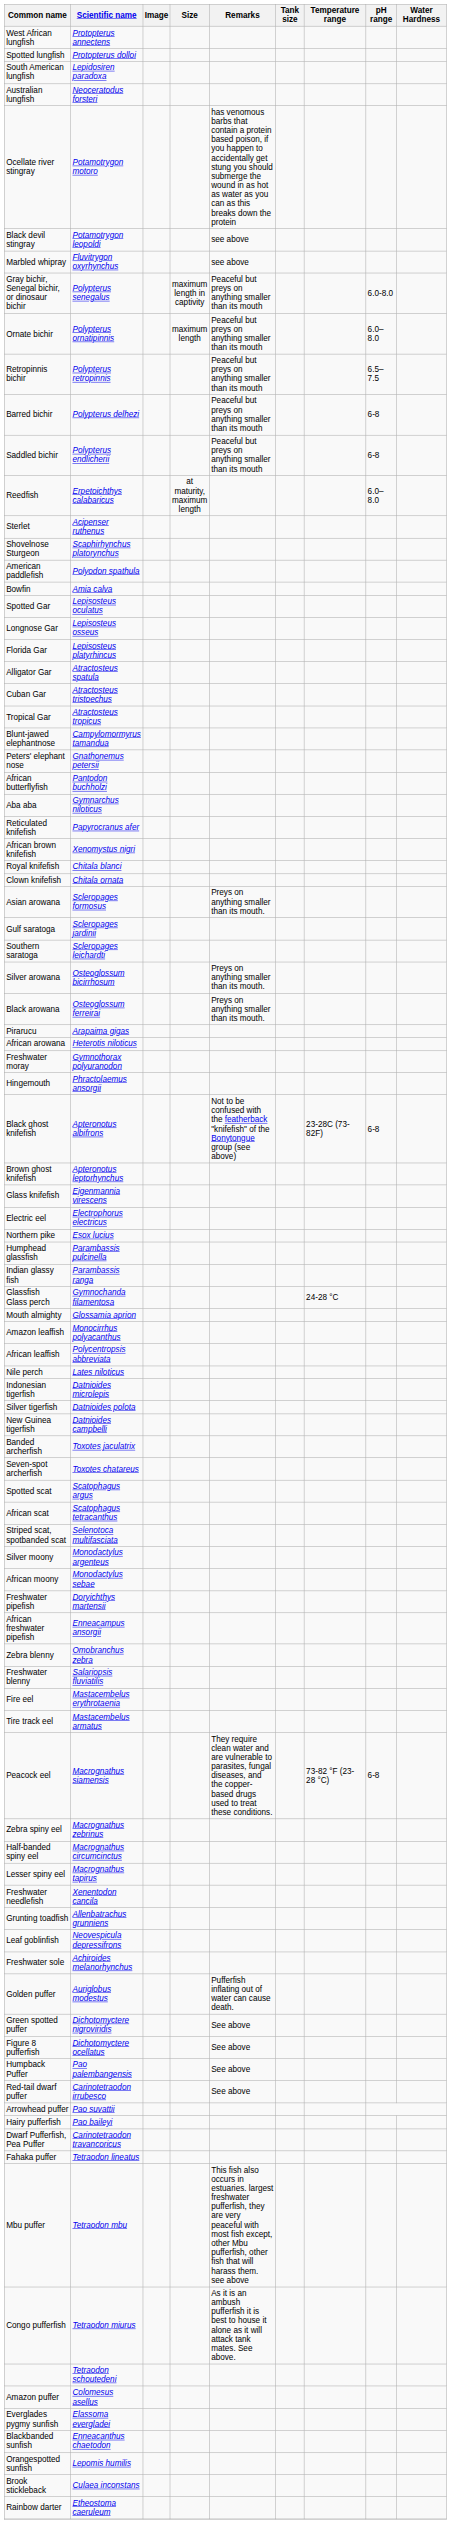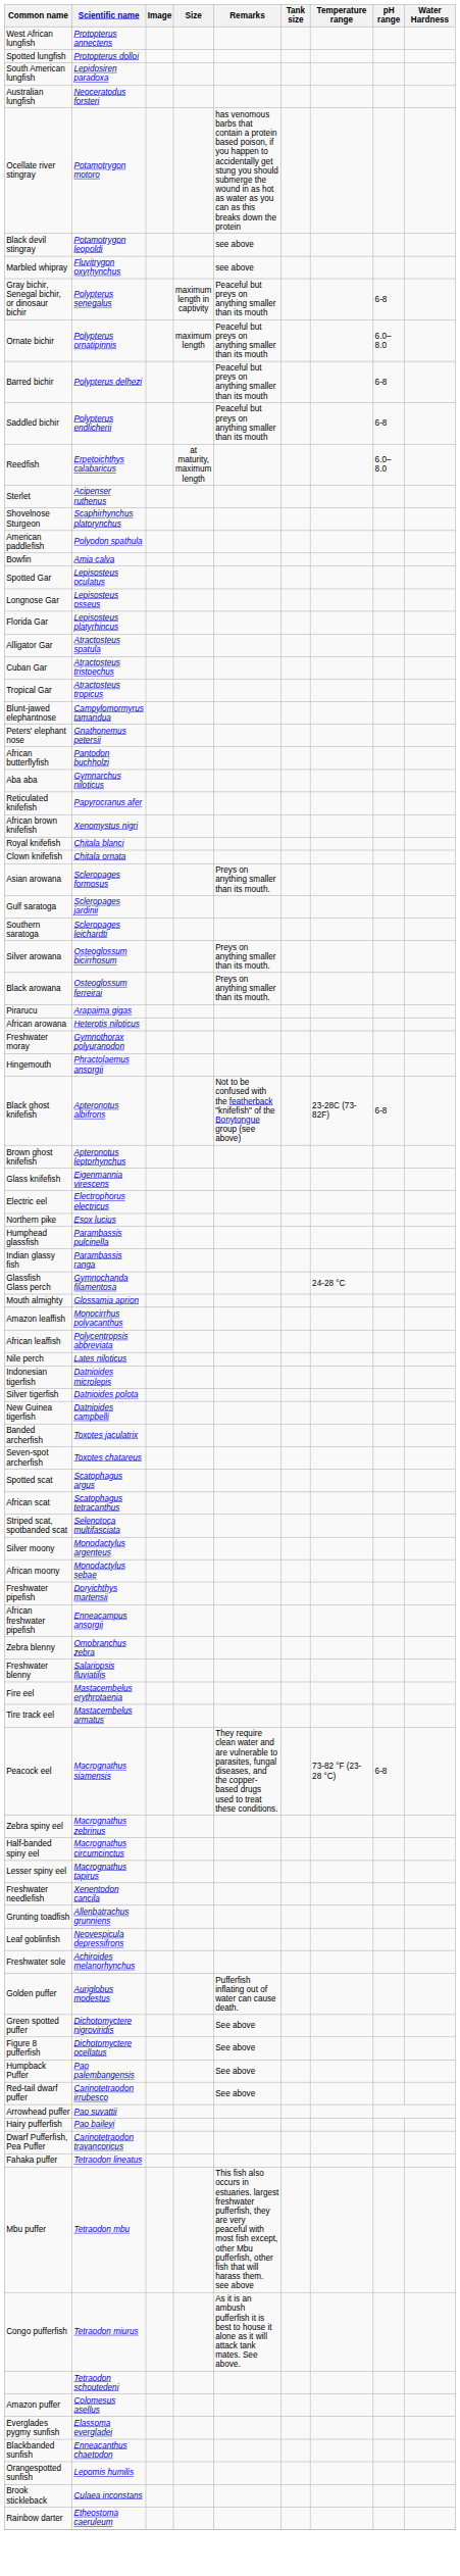 <table class="wikitable sortable">
 <tr>
 <th width="15%">Common name</th>
 <th width="15%"><a href='#'>Scientific name</a></th>
 <th width="1%">Image</th>
 <th width="5%">Size</th>
 <th width="15%">Remarks</th>
 <th>Tank size</th>
 <th class="unsortable">Temperature range</th>
 <th class="unsortable">pH range</th>
 <th>Water Hardness</th>
 </tr>
 <tr>
 <td>West African lungfish</td>
 <td><em><a href='#'>Protopterus annectens</a></em></td>
 <td align="center"></td>
 <td align="center"></td>
 <td></td>
 <td></td>
 <td></td>
 <td></td>
 <td></td>
 </tr>
 <tr>
 <td>Spotted lungfish</td>
 <td><em><a href='#'>Protopterus dolloi</a></em></td>
 <td align="center"></td>
 <td align="center"></td>
 <td></td>
 <td></td>
 <td></td>
 <td></td>
 <td></td>
 </tr>
 <tr>
 <td>South American lungfish</td>
 <td><em><a href='#'>Lepidosiren paradoxa</a></em></td>
 <td align="center"></td>
 <td align="center"></td>
 <td></td>
 <td></td>
 <td></td>
 <td></td>
 <td></td>
 </tr>
 <tr>
 <td>Australian lungfish</td>
 <td><em><a href='#'>Neoceratodus forsteri</a></em></td>
 <td align="center"></td>
 <td align="center"></td>
 <td></td>
 <td></td>
 <td></td>
 <td></td>
 <td></td>
 </tr>
 <tr>
 <td>Ocellate river stingray</td>
 <td><em><a href='#'>Potamotrygon motoro</a></em></td>
 <td align="center"></td>
 <td align="center"></td>
 <td>has venomous barbs that contain a protein based poison, if you happen to accidentally get stung you should submerge the wound in as hot as water as you can as this breaks down the protein</td>
 <td></td>
 <td></td>
 <td></td>
 <td></td>
 </tr>
 <tr>
 <td>Black devil stingray</td>
 <td><em><a href='#'>Potamotrygon leopoldi</a></em></td>
 <td align="center"></td>
 <td align="center"></td>
 <td>see above</td>
 <td></td>
 <td></td>
 <td></td>
 <td></td>
 </tr>
 <tr>
 <td>Marbled whipray</td>
 <td><em><a href='#'>Fluvitrygon oxyrhynchus</a></em></td>
 <td align="center"></td>
 <td align="center"></td>
 <td>see above</td>
 <td></td>
 <td></td>
 <td></td>
 <td></td>
 </tr>
 <tr>
 <td>Gray bichir, Senegal bichir, or dinosaur bichir</td>
 <td><em><a href='#'>Polypterus senegalus</a></em></td>
 <td align="center"></td>
 <td align="center"> maximum length in captivity</td>
 <td>Peaceful but preys on anything smaller than its mouth</td>
 <td></td>
 <td></td>
-<td>6.0-8.0</td>
+<td>6-8</td>
 <td></td>
 </tr>
 <tr>
 <td>Ornate bichir</td>
 <td><em><a href='#'>Polypterus ornatipinnis</a></em></td>
 <td align="center"></td>
 <td align="center"> maximum length</td>
 <td>Peaceful but preys on anything smaller than its mouth</td>
 <td></td>
 <td></td>
 <td>6.0–8.0</td>
-<td></td>
-</tr>
-<tr>
-<td>Retropinnis bichir</td>
-<td><em><a href='#'>Polypterus retropinnis</a></em></td>
-<td></td>
-<td align="center"></td>
-<td>Peaceful but preys on anything smaller than its mouth</td>
-<td></td>
-<td></td>
-<td>6.5–7.5</td>
 <td></td>
 </tr>
 <tr>
 <td>Barred bichir</td>
 <td><em><a href='#'>Polypterus delhezi</a></em></td>
 <td align="center"></td>
 <td align="center"></td>
 <td>Peaceful but preys on anything smaller than its mouth</td>
 <td></td>
 <td></td>
 <td>6-8</td>
 <td></td>
 </tr>
 <tr>
 <td>Saddled bichir</td>
 <td><em><a href='#'>Polypterus endlicherii</a></em></td>
 <td align="center"></td>
 <td align="center"></td>
 <td>Peaceful but preys on anything smaller than its mouth</td>
 <td></td>
 <td></td>
 <td>6-8</td>
 <td></td>
 </tr>
 <tr>
 <td>Reedfish</td>
 <td><em><a href='#'>Erpetoichthys calabaricus</a></em></td>
 <td align="center"></td>
 <td align="center"> at maturity,  maximum length</td>
 <td></td>
 <td></td>
 <td></td>
 <td>6.0–8.0</td>
 <td></td>
 </tr>
 <tr>
 <td>Sterlet</td>
 <td><em><a href='#'>Acipenser ruthenus</a></em></td>
 <td align="center"></td>
 <td align="center"></td>
 <td></td>
 <td></td>
 <td></td>
 <td></td>
 <td></td>
 </tr>
 <tr>
 <td>Shovelnose Sturgeon</td>
 <td><em><a href='#'>Scaphirhynchus platorynchus</a></em></td>
 <td align="center"></td>
 <td align="center"></td>
 <td></td>
 <td></td>
 <td></td>
 <td></td>
 <td></td>
 </tr>
 <tr>
 <td>American paddlefish</td>
 <td><em><a href='#'>Polyodon spathula</a></em></td>
 <td align="center"></td>
 <td align="center"></td>
 <td></td>
 <td></td>
 <td></td>
 <td></td>
 <td></td>
 </tr>
 <tr>
 <td>Bowfin</td>
 <td><em><a href='#'>Amia calva</a></em></td>
 <td align="center"></td>
 <td align="center"></td>
 <td></td>
 <td></td>
 <td></td>
 <td></td>
 <td></td>
 </tr>
 <tr>
 <td>Spotted Gar</td>
 <td><em><a href='#'>Lepisosteus oculatus</a></em></td>
 <td align="center"></td>
 <td align="center"></td>
 <td></td>
 <td></td>
 <td></td>
 <td></td>
 <td></td>
 </tr>
 <tr>
 <td>Longnose Gar</td>
 <td><em><a href='#'>Lepisosteus osseus</a></em></td>
 <td align="center"></td>
 <td align="center"></td>
 <td></td>
 <td></td>
 <td></td>
 <td></td>
 <td></td>
 </tr>
 <tr>
 <td>Florida Gar</td>
 <td><em><a href='#'>Lepisosteus platyrhincus</a></em></td>
 <td align="center"></td>
 <td align="center"></td>
 <td></td>
 <td></td>
 <td></td>
 <td></td>
 <td></td>
 </tr>
 <tr>
 <td>Alligator Gar</td>
 <td><em><a href='#'>Atractosteus spatula</a></em></td>
 <td align="center"></td>
 <td align="center"></td>
 <td></td>
 <td></td>
 <td></td>
 <td></td>
 <td></td>
 </tr>
 <tr>
 <td>Cuban Gar</td>
 <td><em><a href='#'>Atractosteus tristoechus</a></em></td>
 <td align="center"></td>
 <td align="center"></td>
 <td></td>
 <td></td>
 <td></td>
 <td></td>
 <td></td>
 </tr>
 <tr>
 <td>Tropical Gar</td>
 <td><em><a href='#'>Atractosteus tropicus</a></em></td>
 <td align="center"></td>
 <td align="center"></td>
 <td></td>
 <td></td>
 <td></td>
 <td></td>
 <td></td>
 </tr>
 <tr>
 <td>Blunt-jawed elephantnose</td>
 <td><em><a href='#'>Campylomormyrus tamandua</a></em></td>
 <td align="center"></td>
 <td align="center"></td>
 <td></td>
 <td></td>
 <td></td>
 <td></td>
 <td></td>
 </tr>
 <tr>
 <td>Peters' elephant nose</td>
 <td><em><a href='#'>Gnathonemus petersii</a></em></td>
 <td align="center"></td>
 <td align="center"></td>
 <td></td>
 <td></td>
 <td></td>
 <td></td>
 <td></td>
 </tr>
 <tr>
 <td>African butterflyfish</td>
 <td><em><a href='#'>Pantodon buchholzi</a></em></td>
 <td align="center"></td>
 <td align="center"></td>
 <td></td>
 <td></td>
 <td></td>
 <td></td>
 <td></td>
 </tr>
 <tr>
 <td>Aba aba</td>
 <td><em><a href='#'>Gymnarchus niloticus</a></em></td>
 <td align="center"></td>
 <td align="center"></td>
 <td></td>
 <td></td>
 <td></td>
 <td></td>
 <td></td>
 </tr>
 <tr>
 <td>Reticulated knifefish</td>
 <td><em><a href='#'>Papyrocranus afer</a></em></td>
 <td align="center"></td>
 <td align="center"></td>
 <td></td>
 <td></td>
 <td></td>
 <td></td>
 <td></td>
 </tr>
 <tr>
 <td>African brown knifefish</td>
 <td><em><a href='#'>Xenomystus nigri</a></em></td>
 <td align="center"></td>
 <td align="center"></td>
 <td></td>
 <td></td>
 <td></td>
 <td></td>
 <td></td>
 </tr>
 <tr>
 <td>Royal knifefish</td>
 <td><em><a href='#'>Chitala blanci</a></em></td>
 <td align="center"></td>
 <td align="center"></td>
 <td></td>
 <td></td>
 <td></td>
 <td></td>
 <td></td>
 </tr>
 <tr>
 <td>Clown knifefish</td>
 <td><em><a href='#'>Chitala ornata</a></em></td>
 <td align="center"></td>
 <td align="center"></td>
 <td></td>
 <td></td>
 <td></td>
 <td></td>
 <td></td>
 </tr>
 <tr>
 <td>Asian arowana</td>
 <td><em><a href='#'>Scleropages formosus</a></em></td>
 <td align="center"></td>
 <td align="center"></td>
 <td>Preys on anything smaller than its mouth.</td>
 <td></td>
 <td></td>
 <td></td>
 <td></td>
 </tr>
 <tr>
 <td>Gulf saratoga</td>
 <td><em><a href='#'>Scleropages jardinii</a></em></td>
 <td align="center"></td>
 <td align="center"></td>
 <td></td>
 <td></td>
 <td></td>
 <td></td>
 <td></td>
 </tr>
 <tr>
 <td>Southern saratoga</td>
 <td><em><a href='#'>Scleropages leichardti</a></em></td>
 <td align="center"></td>
 <td align="center"></td>
 <td></td>
 <td></td>
 <td></td>
 <td></td>
 <td></td>
 </tr>
 <tr>
 <td>Silver arowana</td>
 <td><em><a href='#'>Osteoglossum bicirrhosum</a></em></td>
 <td align="center"></td>
 <td align="center"></td>
 <td>Preys on anything smaller than its mouth.</td>
 <td></td>
 <td></td>
 <td></td>
 <td></td>
 </tr>
 <tr>
 <td>Black arowana</td>
 <td><em><a href='#'>Osteoglossum ferreirai</a></em></td>
 <td align="center"></td>
 <td align="center"></td>
 <td>Preys on anything smaller than its mouth.</td>
 <td></td>
 <td></td>
 <td></td>
 <td></td>
 </tr>
 <tr>
 <td>Pirarucu</td>
 <td><em><a href='#'>Arapaima gigas</a></em></td>
 <td align="center"></td>
 <td align="center"></td>
 <td></td>
 <td></td>
 <td></td>
 <td></td>
 <td></td>
 </tr>
 <tr>
 <td>African arowana</td>
 <td><em><a href='#'>Heterotis niloticus</a></em></td>
 <td align="center"></td>
 <td align="center"></td>
 <td></td>
 <td></td>
 <td></td>
 <td></td>
 <td></td>
 </tr>
 <tr>
 <td>Freshwater moray</td>
 <td><em><a href='#'>Gymnothorax polyuranodon</a></em></td>
 <td align="center"></td>
 <td align="center"></td>
 <td></td>
 <td></td>
 <td></td>
 <td></td>
 <td></td>
 </tr>
 <tr>
 <td>Hingemouth</td>
 <td><em><a href='#'>Phractolaemus ansorgii</a></em></td>
 <td align="center"></td>
 <td align="center"></td>
 <td></td>
 <td></td>
 <td></td>
 <td></td>
 <td></td>
 </tr>
 <tr>
 <td>Black ghost knifefish</td>
 <td><em><a href='#'>Apteronotus albifrons</a></em></td>
 <td align="center"></td>
 <td align="center"></td>
 <td>Not to be confused with the <a href='#'>featherback</a> "knifefish" of the <a href='#'>Bonytongue</a> group (see above)</td>
 <td></td>
 <td>23-28C (73-82F)</td>
 <td>6-8</td>
 <td></td>
 </tr>
 <tr>
 <td>Brown ghost knifefish</td>
 <td><em><a href='#'>Apteronotus leptorhynchus</a></em></td>
 <td></td>
 <td align="center"></td>
 <td></td>
 <td></td>
 <td></td>
 <td></td>
 <td></td>
 </tr>
 <tr>
 <td>Glass knifefish</td>
 <td><em><a href='#'>Eigenmannia virescens</a></em></td>
 <td align="center"></td>
 <td align="center"></td>
 <td></td>
 <td></td>
 <td></td>
 <td></td>
 <td></td>
 </tr>
 <tr>
 <td>Electric eel</td>
 <td><em><a href='#'>Electrophorus electricus</a></em></td>
 <td align="center"></td>
 <td align="center"></td>
 <td></td>
 <td></td>
 <td></td>
 <td></td>
 <td></td>
 </tr>
 <tr>
 <td>Northern pike</td>
 <td><em><a href='#'>Esox lucius</a></em></td>
 <td align="center"></td>
 <td align="center"></td>
 <td></td>
 <td></td>
 <td></td>
 <td></td>
 <td></td>
 </tr>
 <tr>
 <td>Humphead glassfish</td>
 <td><em><a href='#'>Parambassis pulcinella</a></em></td>
 <td align="center"></td>
 <td align="center"></td>
 <td></td>
 <td></td>
 <td></td>
 <td></td>
 <td></td>
 </tr>
 <tr>
 <td>Indian glassy fish</td>
 <td><em><a href='#'>Parambassis ranga</a></em></td>
 <td align="center"></td>
 <td align="center"></td>
 <td></td>
 <td></td>
 <td></td>
 <td></td>
 <td></td>
 </tr>
 <tr>
 <td>Glassfish<br>Glass perch</td>
 <td><em><a href='#'>Gymnochanda filamentosa</a></em></td>
 <td align="center"></td>
 <td align="center"></td>
 <td></td>
 <td></td>
 <td>24-28 °C</td>
 <td></td>
 <td></td>
 </tr>
 <tr>
 <td>Mouth almighty</td>
 <td><em><a href='#'>Glossamia aprion</a></em></td>
 <td align="center"></td>
 <td align="center"></td>
 <td></td>
 <td></td>
 <td></td>
 <td></td>
 <td></td>
 </tr>
 <tr>
 <td>Amazon leaffish</td>
 <td><em><a href='#'>Monocirrhus polyacanthus</a></em></td>
 <td align="center"></td>
 <td align="center"></td>
 <td></td>
 <td></td>
 <td></td>
 <td></td>
 <td></td>
 </tr>
 <tr>
 <td>African leaffish</td>
 <td><em><a href='#'>Polycentropsis abbreviata</a></em></td>
 <td align="center"></td>
 <td align="center"></td>
 <td></td>
 <td></td>
 <td></td>
 <td></td>
 <td></td>
 </tr>
 <tr>
 <td>Nile perch</td>
 <td><em><a href='#'>Lates niloticus</a></em></td>
 <td align="center"></td>
 <td align="center"></td>
 <td></td>
 <td></td>
 <td></td>
 <td></td>
 <td></td>
 </tr>
 <tr>
 <td>Indonesian tigerfish</td>
 <td><em><a href='#'>Datnioides microlepis</a></em></td>
 <td align="center"></td>
 <td align="center"></td>
 <td></td>
 <td></td>
 <td></td>
 <td></td>
 <td></td>
 </tr>
 <tr>
 <td>Silver tigerfish</td>
 <td><em><a href='#'>Datnioides polota</a></em></td>
 <td align="center"></td>
 <td align="center"></td>
 <td></td>
 <td></td>
 <td></td>
 <td></td>
 <td></td>
 </tr>
 <tr>
 <td>New Guinea tigerfish</td>
 <td><em><a href='#'>Datnioides campbelli</a></em></td>
 <td align="center"></td>
 <td align="center"></td>
 <td></td>
 <td></td>
 <td></td>
 <td></td>
 <td></td>
 </tr>
 <tr>
 <td>Banded archerfish</td>
 <td><em><a href='#'>Toxotes jaculatrix</a></em></td>
 <td align="center"></td>
 <td align="center"></td>
 <td></td>
 <td></td>
 <td></td>
 <td></td>
 <td></td>
 </tr>
 <tr>
 <td>Seven-spot archerfish</td>
 <td><em><a href='#'>Toxotes chatareus</a></em></td>
 <td align="center"></td>
 <td align="center"></td>
 <td></td>
 <td></td>
 <td></td>
 <td></td>
 <td></td>
 </tr>
 <tr>
 <td>Spotted scat</td>
 <td><em><a href='#'>Scatophagus argus</a></em></td>
 <td align="center"></td>
 <td align="center"></td>
 <td></td>
 <td></td>
 <td></td>
 <td></td>
 <td></td>
 </tr>
 <tr>
 <td>African scat</td>
 <td><em><a href='#'>Scatophagus tetracanthus</a></em></td>
 <td align="center"></td>
 <td align="center"></td>
 <td></td>
 <td></td>
 <td></td>
 <td></td>
 <td></td>
 </tr>
 <tr>
 <td>Striped scat, spotbanded scat</td>
 <td><em><a href='#'>Selenotoca multifasciata</a></em></td>
 <td align="center"></td>
 <td align="center"></td>
 <td></td>
 <td></td>
 <td></td>
 <td></td>
 <td></td>
 </tr>
 <tr>
 <td>Silver moony</td>
 <td><em><a href='#'>Monodactylus argenteus</a></em></td>
 <td align="center"></td>
 <td align="center"></td>
 <td></td>
 <td></td>
 <td></td>
 <td></td>
 <td></td>
 </tr>
 <tr>
 <td>African moony</td>
 <td><em><a href='#'>Monodactylus sebae</a></em></td>
 <td align="center"></td>
 <td align="center"></td>
 <td></td>
 <td></td>
 <td></td>
 <td></td>
 <td></td>
 </tr>
 <tr>
 <td>Freshwater pipefish</td>
 <td><em><a href='#'>Doryichthys martensii</a></em></td>
 <td align="center"></td>
 <td align="center"></td>
 <td></td>
 <td></td>
 <td></td>
 <td></td>
 <td></td>
 </tr>
 <tr>
 <td>African freshwater pipefish</td>
 <td><em><a href='#'>Enneacampus ansorgii</a></em></td>
 <td align="center"></td>
 <td align="center"></td>
 <td></td>
 <td></td>
 <td></td>
 <td></td>
 <td></td>
 </tr>
 <tr>
 <td>Zebra blenny</td>
 <td><em><a href='#'>Omobranchus zebra</a></em></td>
 <td align="center"></td>
 <td align="center"></td>
 <td></td>
 <td></td>
 <td></td>
 <td></td>
 <td></td>
 </tr>
 <tr>
 <td>Freshwater blenny</td>
 <td><em><a href='#'>Salariopsis fluviatilis</a></em></td>
 <td align="center"></td>
 <td align="center"></td>
 <td></td>
 <td></td>
 <td></td>
 <td></td>
 <td></td>
 </tr>
 <tr>
 <td>Fire eel</td>
 <td><em><a href='#'>Mastacembelus erythrotaenia</a></em></td>
 <td align="center"></td>
 <td align="center"></td>
 <td></td>
 <td></td>
 <td></td>
 <td></td>
 <td></td>
 </tr>
 <tr>
 <td>Tire track eel</td>
 <td><em><a href='#'>Mastacembelus armatus</a></em></td>
 <td align="center"></td>
 <td align="center"></td>
 <td></td>
 <td></td>
 <td></td>
 <td></td>
 <td></td>
 </tr>
 <tr>
 <td>Peacock eel</td>
 <td><em><a href='#'>Macrognathus siamensis</a></em></td>
 <td align="center"></td>
 <td align="center"></td>
 <td>They require clean water and are vulnerable to parasites, fungal diseases, and the copper-based drugs used to treat these conditions.</td>
 <td></td>
 <td>73-82 °F (23-28 °C)</td>
 <td>6-8</td>
 <td></td>
 </tr>
 <tr>
 <td>Zebra spiny eel</td>
 <td><em><a href='#'>Macrognathus zebrinus</a></em></td>
 <td></td>
 <td align="center"></td>
 <td></td>
 <td></td>
 <td></td>
 <td></td>
 <td></td>
 </tr>
 <tr>
 <td>Half-banded spiny eel</td>
 <td><em><a href='#'>Macrognathus circumcinctus</a></em></td>
 <td></td>
 <td align="center"></td>
 <td></td>
 <td></td>
 <td></td>
 <td></td>
 <td></td>
 </tr>
 <tr>
 <td>Lesser spiny eel</td>
 <td><em><a href='#'>Macrognathus tapirus</a></em></td>
 <td align="center"></td>
 <td align="center"></td>
 <td></td>
 <td></td>
 <td></td>
 <td></td>
 <td></td>
 </tr>
 <tr>
 <td>Freshwater needlefish</td>
 <td><em><a href='#'>Xenentodon cancila</a></em></td>
 <td align="center"></td>
 <td align="center"></td>
 <td></td>
 <td></td>
 <td></td>
 <td></td>
 <td></td>
 </tr>
 <tr>
 <td>Grunting toadfish</td>
 <td><em><a href='#'>Allenbatrachus grunniens</a></em></td>
 <td align="center"></td>
 <td align="center"></td>
 <td></td>
 <td></td>
 <td></td>
 <td></td>
 <td></td>
 </tr>
 <tr>
 <td>Leaf goblinfish</td>
 <td><em><a href='#'>Neovespicula depressifrons</a></em></td>
 <td align="center"></td>
 <td align="center"></td>
 <td></td>
 <td></td>
 <td></td>
 <td></td>
 <td></td>
 </tr>
 <tr>
 <td>Freshwater sole</td>
 <td><em><a href='#'>Achiroides melanorhynchus</a></em></td>
 <td align="center"></td>
 <td align="center"></td>
 <td></td>
 <td></td>
 <td></td>
 <td></td>
 <td></td>
 </tr>
 <tr>
 <td>Golden puffer</td>
 <td><em><a href='#'>Auriglobus modestus</a></em></td>
 <td></td>
 <td align="center"></td>
 <td>Pufferfish inflating out of water can cause death.</td>
 <td></td>
 <td></td>
 <td></td>
 <td></td>
 </tr>
 <tr>
 <td>Green spotted puffer</td>
 <td><em><a href='#'>Dichotomyctere nigroviridis</a></em></td>
 <td align="center"></td>
 <td align="center"></td>
 <td>See above</td>
 <td></td>
 <td></td>
 <td></td>
 <td></td>
 </tr>
 <tr>
 <td>Figure 8 pufferfish</td>
 <td><em><a href='#'>Dichotomyctere ocellatus</a></em></td>
 <td align="center"></td>
 <td align="center"></td>
 <td>See above</td>
 <td></td>
 <td></td>
 <td></td>
 <td></td>
 </tr>
 <tr>
 <td>Humpback Puffer</td>
 <td><em><a href='#'>Pao palembangensis</a></em></td>
 <td></td>
 <td align="center"></td>
 <td>See above</td>
 <td></td>
 <td></td>
 <td></td>
 <td></td>
 </tr>
 <tr>
 <td>Red-tail dwarf puffer</td>
 <td><em><a href='#'>Carinotetraodon irrubesco</a></em></td>
 <td align="center"></td>
 <td align="center"></td>
 <td>See above</td>
 <td></td>
 <td></td>
 <td></td>
 <td></td>
 </tr>
 <tr>
 <td>Arrowhead puffer</td>
 <td><em><a href='#'>Pao suvattii</a></em></td>
 <td align="center"></td>
 <td align="center"></td>
 <td></td>
 <td></td>
 <td></td>
 </tr>
 <tr>
 <td>Hairy pufferfish</td>
 <td><em><a href='#'>Pao baileyi</a></em></td>
 <td align="center"></td>
 <td align="center"></td>
 <td></td>
 <td></td>
 <td></td>
 <td></td>
 <td></td>
 </tr>
 <tr>
 <td>Dwarf Pufferfish, Pea Puffer</td>
 <td><em><a href='#'>Carinotetraodon travancoricus</a></em></td>
 <td align="center"></td>
 <td align="center"></td>
 <td></td>
 <td></td>
 <td></td>
 <td></td>
 <td></td>
 </tr>
 <tr>
 <td>Fahaka puffer</td>
 <td><em><a href='#'>Tetraodon lineatus</a></em></td>
 <td align="center"></td>
 <td align="center"></td>
 <td></td>
 <td></td>
 <td></td>
 <td></td>
 <td></td>
 </tr>
 <tr>
 <td>Mbu puffer</td>
 <td><em><a href='#'>Tetraodon mbu</a></em></td>
 <td align="center"></td>
 <td align="center"></td>
 <td>This fish also occurs in estuaries. largest freshwater pufferfish, they are very peaceful with most fish except, other Mbu pufferfish,  other fish that will harass them. see above</td>
 <td></td>
 <td></td>
 <td></td>
 <td></td>
 </tr>
 <tr>
 <td>Congo pufferfish</td>
 <td><em><a href='#'>Tetraodon miurus</a></em></td>
 <td align="center"></td>
 <td align="center"></td>
 <td>As it is an ambush pufferfish it is best to house it alone as it will attack tank mates. See above.</td>
 <td></td>
 <td></td>
 <td></td>
 <td></td>
 </tr>
 <tr>
 <td></td>
 <td><em><a href='#'>Tetraodon schoutedeni</a></em></td>
 <td align="center"></td>
 <td align="center"></td>
 <td></td>
 <td></td>
 <td></td>
 <td></td>
 <td></td>
 </tr>
 <tr>
 <td>Amazon puffer</td>
 <td><em><a href='#'>Colomesus asellus</a></em></td>
 <td align="center"></td>
 <td align="center"></td>
 <td></td>
 <td></td>
 <td></td>
 <td></td>
 <td></td>
 </tr>
 <tr>
 <td>Everglades pygmy sunfish</td>
 <td><em><a href='#'>Elassoma evergladei</a></em></td>
 <td align="center"></td>
 <td align="center"></td>
 <td></td>
 <td></td>
 <td align="center"></td>
 <td></td>
 <td></td>
 </tr>
 <tr>
 <td>Blackbanded sunfish</td>
 <td><em><a href='#'>Enneacanthus chaetodon</a></em></td>
 <td align="center"></td>
 <td align="center"></td>
 <td></td>
 <td></td>
 <td align="center"></td>
 <td></td>
 <td></td>
 </tr>
 <tr>
 <td>Orangespotted sunfish</td>
 <td><em><a href='#'>Lepomis humilis</a></em></td>
 <td align="center"></td>
 <td align="center"></td>
 <td></td>
 <td></td>
 <td align="center"></td>
 <td></td>
 <td></td>
 </tr>
 <tr>
 <td>Brook stickleback</td>
 <td><em><a href='#'>Culaea inconstans</a></em></td>
 <td align="center"></td>
 <td align="center"></td>
 <td></td>
 <td></td>
 <td align="center"></td>
 <td></td>
 <td></td>
 </tr>
 <tr>
 <td>Rainbow darter</td>
 <td><em><a href='#'>Etheostoma caeruleum</a></em></td>
 <td align="center"></td>
 <td align="center"></td>
 <td></td>
 <td></td>
 <td></td>
 <td></td>
 <td></td>
 </tr>
 <tr>
 </tr>
 </table>
